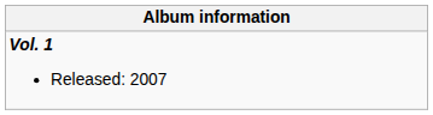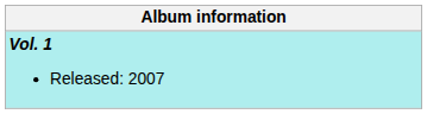 <table class="wikitable">
 <tr>
 <th align="left" width="400">Album information</th>
 </tr>
 <tr>
-<td align="left"><strong><em>Vol. 1</em></strong><br><ul><li>Released: 2007</li></ul></td>
+<td align="left" style="background: paleturquoise;"><strong><em>Vol. 1</em></strong><br><ul><li>Released: 2007</li></ul></td>
 </tr>
 </table>
